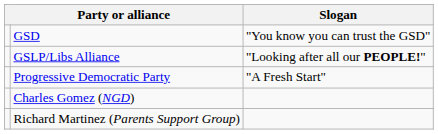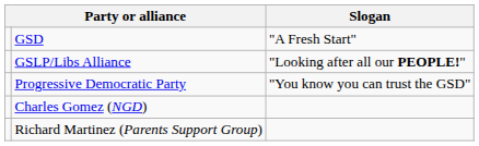 <table class=wikitable>
 <tr>
 <th colspan=2>Party or alliance</th>
 <th>Slogan</th>
 </tr>
 <tr>
 <td></td>
 <td><a href='#'>GSD</a></td>
-<td>"You know you can trust the GSD"</td>
+<td>"A Fresh Start"</td>
 </tr>
 <tr>
 <td></td>
 <td><a href='#'>GSLP/Libs Alliance</a></td>
 <td>"Looking after all our <strong>PEOPLE!</strong>"</td>
 </tr>
 <tr>
 <td></td>
 <td><a href='#'> Progressive Democratic Party</a></td>
-<td>"A Fresh Start"</td>
+<td>"You know you can trust the GSD"</td>
 </tr>
 <tr>
 <td></td>
 <td><a href='#'>Charles Gomez</a> (<em><a href='#'>NGD</a></em>)</td>
 <td></td>
 </tr>
 <tr>
 <td></td>
 <td>Richard Martinez (<em>Parents Support Group</em>)</td>
 <td></td>
 </tr>
 </table>
